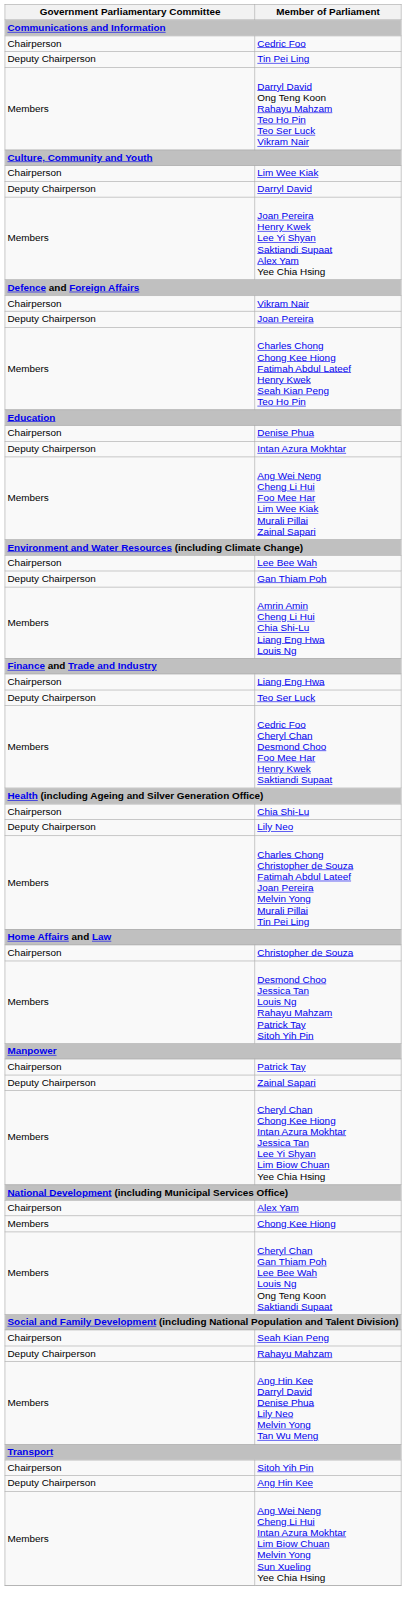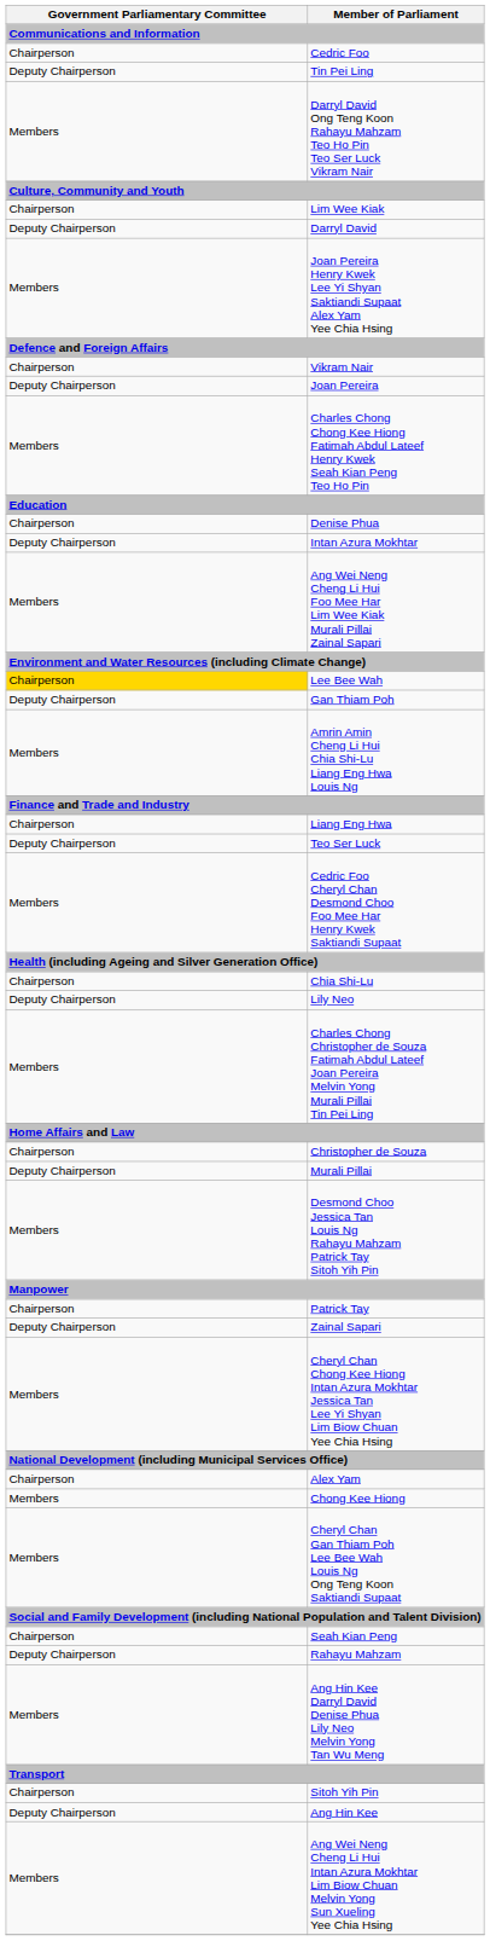 <table class="wikitable" style="margin: 1em auto 1em auto">
 <tr>
 <th>Government Parliamentary Committee</th>
 <th>Member of Parliament</th>
 </tr>
 <tr>
 <td colspan="2" style="background:silver;"><strong><a href='#'>Communications and Information</a></strong></td>
 </tr>
 <tr>
 <td>Chairperson</td>
 <td><a href='#'>Cedric Foo</a></td>
 </tr>
 <tr>
 <td>Deputy Chairperson</td>
 <td><a href='#'>Tin Pei Ling</a></td>
 </tr>
 <tr>
 <td>Members</td>
 <td><br><a href='#'>Darryl David</a> <br> Ong Teng Koon <br> <a href='#'>Rahayu Mahzam</a> <br> <a href='#'>Teo Ho Pin</a> <br> <a href='#'>Teo Ser Luck</a> <br> <a href='#'>Vikram Nair</a></td>
 </tr>
 <tr>
 <td colspan="2" style="background:silver;"><strong><a href='#'>Culture, Community and Youth</a></strong></td>
 </tr>
 <tr>
 <td>Chairperson</td>
 <td><a href='#'>Lim Wee Kiak</a></td>
 </tr>
 <tr>
 <td>Deputy Chairperson</td>
 <td><a href='#'>Darryl David</a></td>
 </tr>
 <tr>
 <td>Members</td>
 <td><br><a href='#'>Joan Pereira</a> <br> <a href='#'>Henry Kwek</a> <br> <a href='#'>Lee Yi Shyan</a> <br> <a href='#'>Saktiandi Supaat</a> <br> <a href='#'>Alex Yam</a> <br> Yee Chia Hsing</td>
 </tr>
 <tr>
 <td colspan="2" style="background:silver;"><strong><a href='#'>Defence</a> and <a href='#'>Foreign Affairs</a></strong></td>
 </tr>
 <tr>
 <td>Chairperson</td>
 <td><a href='#'>Vikram Nair</a></td>
 </tr>
 <tr>
 <td>Deputy Chairperson</td>
 <td><a href='#'>Joan Pereira</a></td>
 </tr>
 <tr>
 <td>Members</td>
 <td><br><a href='#'>Charles Chong</a> <br> <a href='#'>Chong Kee Hiong</a> <br> <a href='#'>Fatimah Abdul Lateef</a> <br> <a href='#'>Henry Kwek</a> <br> <a href='#'>Seah Kian Peng</a> <br> <a href='#'>Teo Ho Pin</a></td>
 </tr>
 <tr>
 <td colspan="2" style="background:silver;"><strong><a href='#'>Education</a></strong></td>
 </tr>
 <tr>
 <td>Chairperson</td>
 <td><a href='#'>Denise Phua</a></td>
 </tr>
 <tr>
 <td>Deputy Chairperson</td>
 <td><a href='#'>Intan Azura Mokhtar</a></td>
 </tr>
 <tr>
 <td>Members</td>
 <td><br><a href='#'>Ang Wei Neng</a> <br> <a href='#'>Cheng Li Hui</a> <br> <a href='#'>Foo Mee Har</a> <br> <a href='#'>Lim Wee Kiak</a> <br> <a href='#'>Murali Pillai</a> <br> <a href='#'>Zainal Sapari</a></td>
 </tr>
 <tr>
 <td colspan="2" style="background:silver;"><strong><a href='#'>Environment and Water Resources</a> (including Climate Change)</strong></td>
 </tr>
 <tr>
-<td>Chairperson</td>
+<td style="background: gold;">Chairperson</td>
 <td><a href='#'>Lee Bee Wah</a></td>
 </tr>
 <tr>
 <td>Deputy Chairperson</td>
 <td><a href='#'>Gan Thiam Poh</a></td>
 </tr>
 <tr>
 <td>Members</td>
 <td><br><a href='#'>Amrin Amin</a> <br> <a href='#'>Cheng Li Hui</a> <br> <a href='#'>Chia Shi-Lu</a> <br> <a href='#'>Liang Eng Hwa</a> <br> <a href='#'>Louis Ng</a></td>
 </tr>
 <tr>
 <td colspan="2" style="background:silver;"><strong><a href='#'>Finance</a> and <a href='#'>Trade and Industry</a></strong></td>
 </tr>
 <tr>
 <td>Chairperson</td>
 <td><a href='#'>Liang Eng Hwa</a></td>
 </tr>
 <tr>
 <td>Deputy Chairperson</td>
 <td><a href='#'>Teo Ser Luck</a></td>
 </tr>
 <tr>
 <td>Members</td>
 <td><br><a href='#'>Cedric Foo</a> <br> <a href='#'>Cheryl Chan</a> <br> <a href='#'>Desmond Choo</a> <br> <a href='#'>Foo Mee Har</a> <br> <a href='#'>Henry Kwek</a> <br> <a href='#'>Saktiandi Supaat</a></td>
 </tr>
 <tr>
 <td colspan="2" style="background:silver;"><strong><a href='#'>Health</a> (including Ageing and Silver Generation Office)</strong></td>
 </tr>
 <tr>
 <td>Chairperson</td>
 <td><a href='#'>Chia Shi-Lu</a></td>
 </tr>
 <tr>
 <td>Deputy Chairperson</td>
 <td><a href='#'>Lily Neo</a></td>
 </tr>
 <tr>
 <td>Members</td>
 <td><br><a href='#'>Charles Chong</a> <br> <a href='#'>Christopher de Souza</a> <br> <a href='#'>Fatimah Abdul Lateef</a> <br> <a href='#'>Joan Pereira</a> <br> <a href='#'>Melvin Yong</a> <br> <a href='#'>Murali Pillai</a> <br> <a href='#'>Tin Pei Ling</a></td>
 </tr>
 <tr>
 <td colspan="2" style="background:silver;"><strong><a href='#'>Home Affairs</a> and <a href='#'>Law</a></strong></td>
 </tr>
 <tr>
 <td>Chairperson</td>
 <td><a href='#'>Christopher de Souza</a></td>
+</tr>
+<tr>
+<td>Deputy Chairperson</td>
+<td><a href='#'>Murali Pillai</a></td>
 </tr>
 <tr>
 <td>Members</td>
 <td><br><a href='#'>Desmond Choo</a> <br> <a href='#'>Jessica Tan</a> <br> <a href='#'>Louis Ng</a> <br> <a href='#'>Rahayu Mahzam</a> <br> <a href='#'>Patrick Tay</a> <br> <a href='#'>Sitoh Yih Pin</a></td>
 </tr>
 <tr>
 <td colspan="2" style="background:silver;"><strong><a href='#'>Manpower</a></strong></td>
 </tr>
 <tr>
 <td>Chairperson</td>
 <td><a href='#'>Patrick Tay</a></td>
 </tr>
 <tr>
 <td>Deputy Chairperson</td>
 <td><a href='#'>Zainal Sapari</a></td>
 </tr>
 <tr>
 <td>Members</td>
 <td><br><a href='#'>Cheryl Chan</a> <br> <a href='#'>Chong Kee Hiong</a> <br> <a href='#'>Intan Azura Mokhtar</a> <br> <a href='#'>Jessica Tan</a> <br> <a href='#'>Lee Yi Shyan</a> <br> <a href='#'>Lim Biow Chuan</a> <br> Yee Chia Hsing</td>
 </tr>
 <tr>
 <td colspan="2" style="background:silver;"><strong><a href='#'>National Development</a> (including Municipal Services Office)</strong></td>
 </tr>
 <tr>
 <td>Chairperson</td>
 <td><a href='#'>Alex Yam</a></td>
 </tr>
 <tr>
 <td>Members</td>
 <td><a href='#'>Chong Kee Hiong</a></td>
 </tr>
 <tr>
 <td>Members</td>
 <td><br><a href='#'>Cheryl Chan</a> <br> <a href='#'>Gan Thiam Poh</a> <br> <a href='#'>Lee Bee Wah</a> <br> <a href='#'>Louis Ng</a> <br> Ong Teng Koon<br> <a href='#'>Saktiandi Supaat</a></td>
 </tr>
 <tr>
 <td colspan="2" style="background:silver;"><strong><a href='#'>Social and Family Development</a> (including National Population and Talent Division)</strong></td>
 </tr>
 <tr>
 <td>Chairperson</td>
 <td><a href='#'>Seah Kian Peng</a></td>
 </tr>
 <tr>
 <td>Deputy Chairperson</td>
 <td><a href='#'>Rahayu Mahzam</a></td>
 </tr>
 <tr>
 <td>Members</td>
 <td><br><a href='#'>Ang Hin Kee</a> <br> <a href='#'>Darryl David</a> <br> <a href='#'>Denise Phua</a> <br> <a href='#'>Lily Neo</a> <br> <a href='#'>Melvin Yong</a> <br> <a href='#'>Tan Wu Meng</a></td>
 </tr>
 <tr>
 <td colspan="2" style="background:silver;"><strong><a href='#'>Transport</a></strong></td>
 </tr>
 <tr>
 <td>Chairperson</td>
 <td><a href='#'>Sitoh Yih Pin</a></td>
 </tr>
 <tr>
 <td>Deputy Chairperson</td>
 <td><a href='#'>Ang Hin Kee</a></td>
 </tr>
 <tr>
 <td>Members</td>
 <td><br><a href='#'>Ang Wei Neng</a> <br> <a href='#'>Cheng Li Hui</a> <br> <a href='#'>Intan Azura Mokhtar</a> <br> <a href='#'>Lim Biow Chuan</a> <br> <a href='#'>Melvin Yong</a> <br> <a href='#'>Sun Xueling</a> <br> Yee Chia Hsing</td>
 </tr>
 <tr>
 </tr>
 </table>
